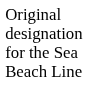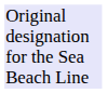 <table style="width:90px;">
 <tr>
 <td></td>
 </tr>
 <tr>
-<td><div>Original designation for the Sea Beach Line</div></td>
+<td style="background: lavender;"><div>Original designation for the Sea Beach Line</div></td>
 </tr>
 </table>
